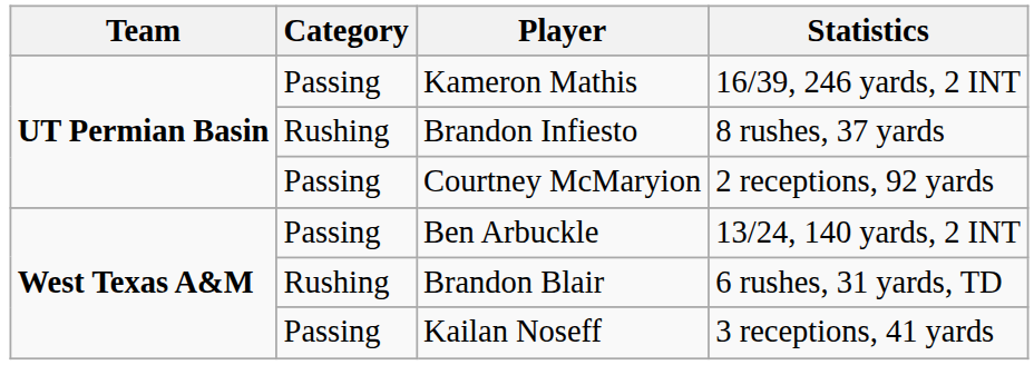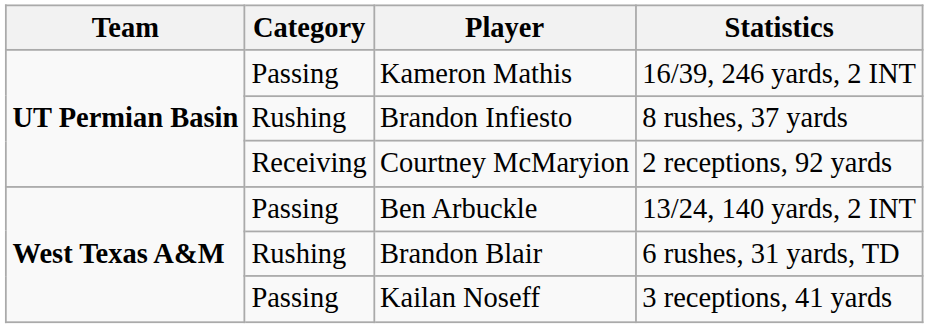 <table class="wikitable" style="float: right;">
 <tr>
 <th>Team</th>
 <th>Category</th>
 <th>Player</th>
 <th>Statistics</th>
 </tr>
 <tr>
 <td rowspan=3><strong>UT Permian Basin</strong></td>
 <td>Passing</td>
 <td>Kameron Mathis</td>
 <td>16/39, 246 yards, 2 INT</td>
 </tr>
 <tr>
 <td>Rushing</td>
 <td>Brandon Infiesto</td>
 <td>8 rushes, 37 yards</td>
 </tr>
 <tr>
-<td>Passing</td>
+<td>Receiving</td>
 <td>Courtney McMaryion</td>
 <td>2 receptions, 92 yards</td>
 </tr>
 <tr>
 <td rowspan=3><strong>West Texas A&M</strong></td>
 <td>Passing</td>
 <td>Ben Arbuckle</td>
 <td>13/24, 140 yards, 2 INT</td>
 </tr>
 <tr>
 <td>Rushing</td>
 <td>Brandon Blair</td>
 <td>6 rushes, 31 yards, TD</td>
 </tr>
 <tr>
 <td>Passing</td>
 <td>Kailan Noseff</td>
 <td>3 receptions, 41 yards</td>
 </tr>
 </table>
